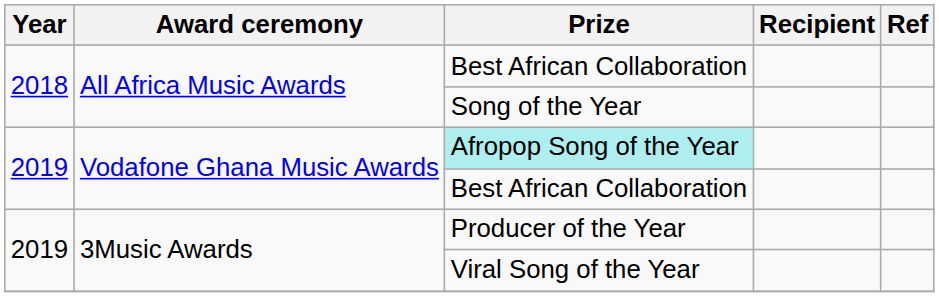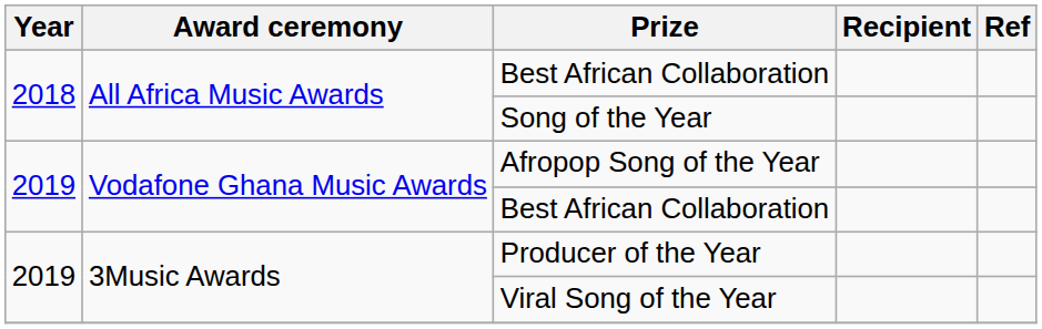 <table class ="wikitable">
 <tr>
 <th>Year</th>
 <th>Award ceremony</th>
 <th>Prize</th>
 <th>Recipient</th>
 <th>Ref</th>
 </tr>
 <tr>
 <td rowspan="2"><a href='#'>2018</a></td>
 <td rowspan="2"><a href='#'>All Africa Music Awards</a></td>
 <td>Best African Collaboration</td>
 <td></td>
 <td></td>
 </tr>
 <tr>
 <td>Song of the Year</td>
 <td></td>
 <td></td>
 </tr>
 <tr>
 <td rowspan="2"><a href='#'>2019</a></td>
 <td rowspan="2"><a href='#'>Vodafone Ghana Music Awards</a></td>
-<td style="background: paleturquoise;">Afropop Song of the Year</td>
+<td>Afropop Song of the Year</td>
 <td></td>
 <td></td>
 </tr>
 <tr>
 <td>Best African Collaboration</td>
 <td></td>
 <td></td>
 </tr>
 <tr>
 <td rowspan="2">2019</td>
 <td rowspan="2">3Music Awards</td>
 <td>Producer of the Year</td>
 <td></td>
 <td></td>
 </tr>
 <tr>
 <td>Viral Song of the Year</td>
 <td></td>
 <td></td>
 </tr>
 <tr>
 </tr>
 </table>
